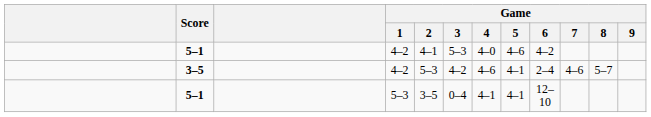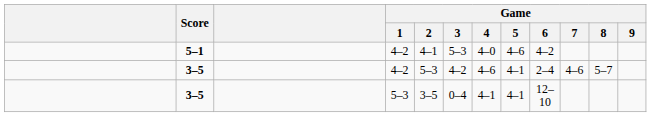 <table class="wikitable" style="text-align: center;">
 <tr>
 <th rowspan=2 align="right" width="270"></th>
 <th rowspan=2 width="45">Score</th>
 <th rowspan=2 align="left" width="270"></th>
 <th colspan=9>Game</th>
 </tr>
 <tr>
 <th width="35">1</th>
 <th width="35">2</th>
 <th width="35">3</th>
 <th width="35">4</th>
 <th width="35">5</th>
 <th width="35">6</th>
 <th width="35">7</th>
 <th width="35">8</th>
 <th width="35">9</th>
 </tr>
 <tr>
 <td align=left><strong><br></strong></td>
 <td align=center><strong>5–1</strong></td>
 <td align=left><br></td>
 <td>4–2</td>
 <td>4–1</td>
 <td>5–3</td>
 <td>4–0</td>
 <td>4–6</td>
 <td>4–2</td>
 <td></td>
 <td></td>
 <td></td>
 </tr>
 <tr>
 <td align=left><br></td>
 <td align=center><strong>3–5</strong></td>
 <td align=left><strong><br></strong></td>
 <td>4–2</td>
 <td>5–3</td>
 <td>4–2</td>
 <td>4–6</td>
 <td>4–1</td>
 <td>2–4</td>
 <td>4–6</td>
 <td>5–7</td>
 <td></td>
 </tr>
 <tr>
 <td align=left><strong><br></strong></td>
-<td align=center><strong>5–1</strong></td>
+<td align=center><strong>3–5</strong></td>
 <td align=left><br></td>
 <td>5–3</td>
 <td>3–5</td>
 <td>0–4</td>
 <td>4–1</td>
 <td>4–1</td>
 <td>12–10</td>
 <td></td>
 <td></td>
 <td></td>
 </tr>
 </table>
